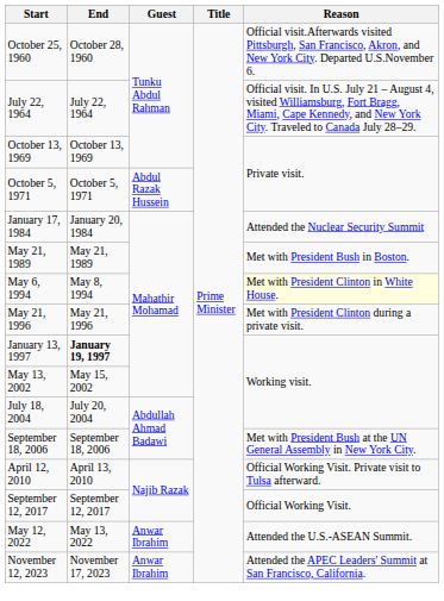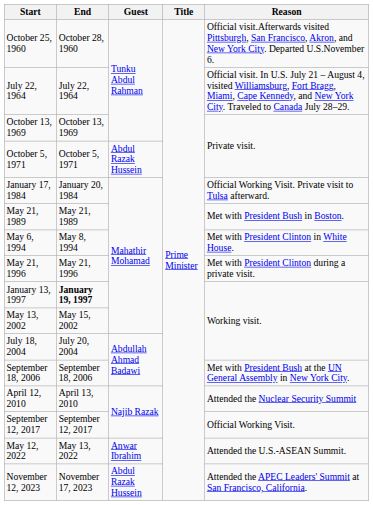 <table class="wikitable sortable">
 <tr>
 <th>Start</th>
 <th>End</th>
 <th>Guest</th>
 <th>Title</th>
 <th>Reason</th>
 </tr>
 <tr>
 <td>October 25, 1960</td>
 <td>October 28, 1960</td>
 <td rowspan=3><a href='#'>Tunku Abdul Rahman</a></td>
 <td rowspan=16><a href='#'>Prime Minister</a></td>
 <td>Official visit.Afterwards visited <a href='#'>Pittsburgh</a>, <a href='#'>San Francisco</a>, <a href='#'>Akron</a>, and <a href='#'>New York City</a>. Departed U.S.November 6.</td>
 </tr>
 <tr>
 <td>July 22, 1964</td>
 <td>July 22, 1964</td>
 <td>Official visit. In U.S. July 21 – August 4, visited <a href='#'>Williamsburg</a>, <a href='#'>Fort Bragg</a>, <a href='#'>Miami</a>, <a href='#'>Cape Kennedy</a>, and <a href='#'>New York City</a>. Traveled to <a href='#'>Canada</a> July 28–29.</td>
 </tr>
 <tr>
 <td>October 13, 1969</td>
 <td>October 13, 1969</td>
 <td rowspan=2>Private visit.</td>
 </tr>
 <tr>
 <td>October 5, 1971</td>
 <td>October 5, 1971</td>
 <td><a href='#'>Abdul Razak Hussein</a></td>
 </tr>
 <tr>
 <td>January 17, 1984</td>
 <td>January 20, 1984</td>
 <td rowspan=6><a href='#'>Mahathir Mohamad</a></td>
-<td>Attended the <a href='#'>Nuclear Security Summit</a></td>
+<td>Official Working Visit. Private visit to <a href='#'>Tulsa</a> afterward.</td>
 </tr>
 <tr>
 <td>May 21, 1989</td>
 <td>May 21, 1989</td>
 <td>Met with <a href='#'>President Bush</a> in <a href='#'>Boston</a>.</td>
 </tr>
 <tr>
 <td>May 6, 1994</td>
 <td>May 8, 1994</td>
-<td style="background: lightyellow;">Met with <a href='#'>President Clinton</a> in <a href='#'>White House</a>.</td>
+<td>Met with <a href='#'>President Clinton</a> in <a href='#'>White House</a>.</td>
 </tr>
 <tr>
 <td>May 21, 1996</td>
 <td>May 21, 1996</td>
 <td>Met with <a href='#'>President Clinton</a> during a private visit.</td>
 </tr>
 <tr>
 <td>January 13, 1997</td>
 <td><strong>January 19, 1997</strong></td>
 <td rowspan=3>Working visit.</td>
 </tr>
 <tr>
 <td>May 13, 2002</td>
 <td>May 15, 2002</td>
 </tr>
 <tr>
 <td>July 18, 2004</td>
 <td>July 20, 2004</td>
 <td rowspan=2><a href='#'>Abdullah Ahmad Badawi</a></td>
 </tr>
 <tr>
 <td>September 18, 2006</td>
 <td>September 18, 2006</td>
 <td>Met with <a href='#'>President Bush</a> at the <a href='#'>UN General Assembly</a> in <a href='#'>New York City</a>.</td>
 </tr>
 <tr>
 <td>April 12, 2010</td>
 <td>April 13, 2010</td>
 <td rowspan=2><a href='#'>Najib Razak</a></td>
-<td>Official Working Visit. Private visit to <a href='#'>Tulsa</a> afterward.</td>
+<td>Attended the <a href='#'>Nuclear Security Summit</a></td>
 </tr>
 <tr>
 <td>September 12, 2017</td>
 <td>September 12, 2017</td>
 <td>Official Working Visit.</td>
 </tr>
 <tr>
 <td>May 12, 2022</td>
 <td>May 13, 2022</td>
 <td><a href='#'>Anwar Ibrahim</a></td>
 <td>Attended the U.S.-ASEAN Summit.</td>
 </tr>
 <tr>
 <td>November 12, 2023</td>
 <td>November 17, 2023</td>
-<td><a href='#'>Anwar Ibrahim</a></td>
+<td><a href='#'>Abdul Razak Hussein</a></td>
 <td>Attended the <a href='#'>APEC Leaders' Summit</a> at <a href='#'>San Francisco, California</a>.</td>
 </tr>
 </table>
